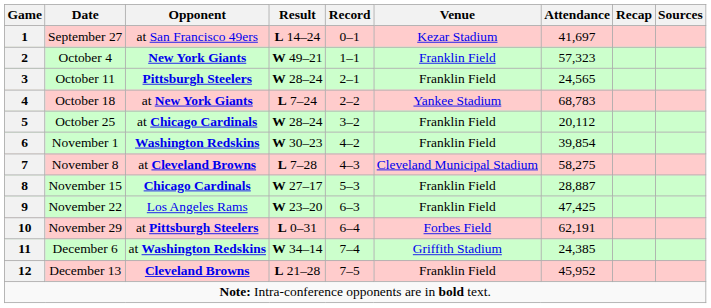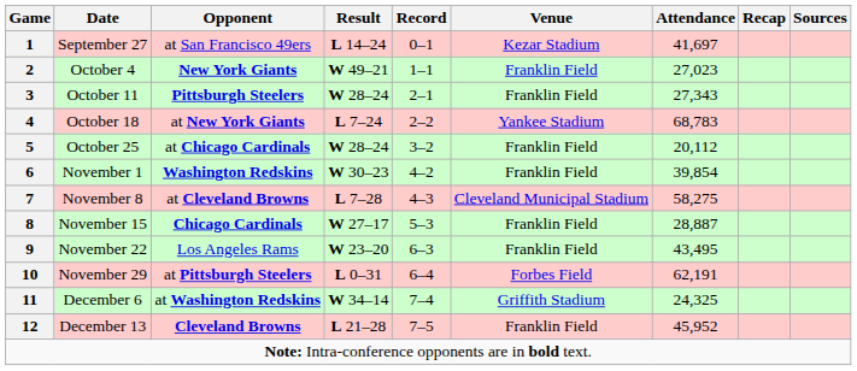 <table class="wikitable" style="text-align:center">
 <tr>
 <th>Game</th>
 <th>Date</th>
 <th>Opponent</th>
 <th>Result</th>
 <th>Record</th>
 <th>Venue</th>
 <th>Attendance</th>
 <th>Recap</th>
 <th>Sources</th>
 </tr>
 <tr style="background:#fcc">
 <th>1</th>
 <td>September 27</td>
 <td>at <a href='#'>San Francisco 49ers</a></td>
 <td><strong>L</strong> 14–24</td>
 <td>0–1</td>
 <td><a href='#'>Kezar Stadium</a></td>
 <td>41,697</td>
 <td></td>
 <td></td>
 </tr>
 <tr style="background:#cfc">
 <th>2</th>
 <td>October 4</td>
 <td><strong><a href='#'>New York Giants</a></strong></td>
 <td><strong>W</strong> 49–21</td>
 <td>1–1</td>
 <td><a href='#'>Franklin Field</a></td>
-<td>57,323</td>
+<td>27,023</td>
 <td></td>
 <td></td>
 </tr>
 <tr style="background:#cfc">
 <th>3</th>
 <td>October 11</td>
 <td><strong><a href='#'>Pittsburgh Steelers</a></strong></td>
 <td><strong>W</strong> 28–24</td>
 <td>2–1</td>
 <td>Franklin Field</td>
-<td>24,565</td>
+<td>27,343</td>
 <td></td>
 <td></td>
 </tr>
 <tr style="background:#fcc">
 <th>4</th>
 <td>October 18</td>
 <td>at <strong><a href='#'>New York Giants</a></strong></td>
 <td><strong>L</strong> 7–24</td>
 <td>2–2</td>
 <td><a href='#'>Yankee Stadium</a></td>
 <td>68,783</td>
 <td></td>
 <td></td>
 </tr>
 <tr style="background:#cfc">
 <th>5</th>
 <td>October 25</td>
 <td>at <strong><a href='#'>Chicago Cardinals</a></strong></td>
 <td><strong>W</strong> 28–24</td>
 <td>3–2</td>
 <td>Franklin Field</td>
 <td>20,112</td>
 <td></td>
 <td></td>
 </tr>
 <tr style="background: #cfc">
 <th>6</th>
 <td>November 1</td>
 <td><strong><a href='#'>Washington Redskins</a></strong></td>
 <td><strong>W</strong> 30–23</td>
 <td>4–2</td>
 <td>Franklin Field</td>
 <td>39,854</td>
 <td></td>
 <td></td>
 </tr>
 <tr style="background:#fcc">
 <th>7</th>
 <td>November 8</td>
 <td>at <strong><a href='#'>Cleveland Browns</a></strong></td>
 <td><strong>L</strong> 7–28</td>
 <td>4–3</td>
 <td><a href='#'>Cleveland Municipal Stadium</a></td>
 <td>58,275</td>
 <td></td>
 <td></td>
 </tr>
 <tr style="background:#cfc">
 <th>8</th>
 <td>November 15</td>
 <td><strong><a href='#'>Chicago Cardinals</a></strong></td>
 <td><strong>W</strong> 27–17</td>
 <td>5–3</td>
 <td>Franklin Field</td>
 <td>28,887</td>
 <td></td>
 <td></td>
 </tr>
 <tr style="background:#cfc">
 <th>9</th>
 <td>November 22</td>
 <td><a href='#'>Los Angeles Rams</a></td>
 <td><strong>W</strong> 23–20</td>
 <td>6–3</td>
 <td>Franklin Field</td>
-<td>47,425</td>
+<td>43,495</td>
 <td></td>
 <td></td>
 </tr>
 <tr style="background:#fcc">
 <th>10</th>
 <td>November 29</td>
 <td>at <strong><a href='#'>Pittsburgh Steelers</a></strong></td>
 <td><strong>L</strong> 0–31</td>
 <td>6–4</td>
 <td><a href='#'>Forbes Field</a></td>
 <td>62,191</td>
 <td></td>
 <td></td>
 </tr>
 <tr style="background:#cfc">
 <th>11</th>
 <td>December 6</td>
 <td>at <strong><a href='#'>Washington Redskins</a></strong></td>
 <td><strong>W</strong> 34–14</td>
 <td>7–4</td>
 <td><a href='#'>Griffith Stadium</a></td>
-<td>24,385</td>
+<td>24,325</td>
 <td></td>
 <td></td>
 </tr>
 <tr style="background:#fcc">
 <th>12</th>
 <td>December 13</td>
 <td><strong><a href='#'>Cleveland Browns</a></strong></td>
 <td><strong>L</strong> 21–28</td>
 <td>7–5</td>
 <td>Franklin Field</td>
 <td>45,952</td>
 <td></td>
 <td></td>
 </tr>
 <tr>
 <td colspan="10"><strong>Note:</strong> Intra-conference opponents are in <strong>bold</strong> text.</td>
 </tr>
 </table>
